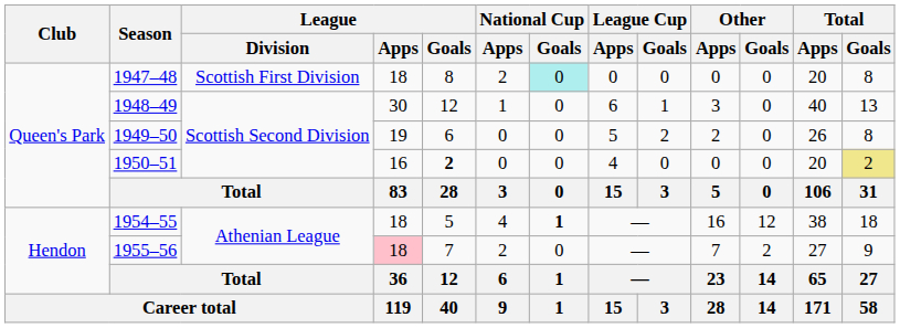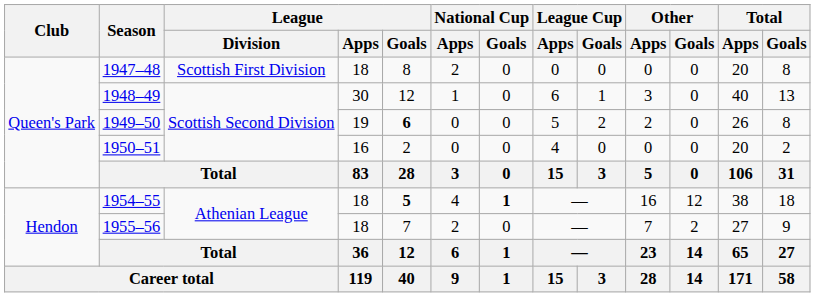 <table class="wikitable" style="text-align: center">
 <tr>
 <th rowspan="2">Club</th>
 <th rowspan="2">Season</th>
 <th colspan="3">League</th>
 <th colspan="2">National Cup</th>
 <th colspan="2">League Cup</th>
 <th colspan="2">Other</th>
 <th colspan="2">Total</th>
 </tr>
 <tr>
 <th>Division</th>
 <th>Apps</th>
 <th>Goals</th>
 <th>Apps</th>
 <th>Goals</th>
 <th>Apps</th>
 <th>Goals</th>
 <th>Apps</th>
 <th>Goals</th>
 <th>Apps</th>
 <th>Goals</th>
 </tr>
 <tr>
 <td rowspan="5"><a href='#'>Queen's Park</a></td>
 <td><a href='#'>1947–48</a></td>
 <td><a href='#'>Scottish First Division</a></td>
 <td>18</td>
 <td>8</td>
 <td>2</td>
-<td style="background: paleturquoise;">0</td>
+<td>0</td>
 <td>0</td>
 <td>0</td>
 <td>0</td>
 <td>0</td>
 <td>20</td>
 <td>8</td>
 </tr>
 <tr>
 <td><a href='#'>1948–49</a></td>
 <td rowspan="3"><a href='#'>Scottish Second Division</a></td>
 <td>30</td>
 <td>12</td>
 <td>1</td>
 <td>0</td>
 <td>6</td>
 <td>1</td>
 <td>3</td>
 <td>0</td>
 <td>40</td>
 <td>13</td>
 </tr>
 <tr>
 <td><a href='#'>1949–50</a></td>
 <td>19</td>
-<td>6</td>
+<td><strong>6</strong></td>
 <td>0</td>
 <td>0</td>
 <td>5</td>
 <td>2</td>
 <td>2</td>
 <td>0</td>
 <td>26</td>
 <td>8</td>
 </tr>
 <tr>
 <td><a href='#'>1950–51</a></td>
 <td>16</td>
-<td><strong>2</strong></td>
+<td>2</td>
 <td>0</td>
 <td>0</td>
 <td>4</td>
 <td>0</td>
 <td>0</td>
 <td>0</td>
 <td>20</td>
-<td style="background: khaki;">2</td>
+<td>2</td>
 </tr>
 <tr>
 <th colspan="2">Total</th>
 <th>83</th>
 <th>28</th>
 <th>3</th>
 <th>0</th>
 <th>15</th>
 <th>3</th>
 <th>5</th>
 <th>0</th>
 <th>106</th>
 <th>31</th>
 </tr>
 <tr>
 <td rowspan="3"><a href='#'>Hendon</a></td>
 <td><a href='#'>1954–55</a></td>
 <td rowspan="2"><a href='#'>Athenian League</a></td>
 <td>18</td>
-<td>5</td>
+<td><strong>5</strong></td>
 <td>4</td>
 <td><strong>1</strong></td>
 <td colspan="2">—</td>
 <td>16</td>
 <td>12</td>
 <td>38</td>
 <td>18</td>
 </tr>
 <tr>
 <td><a href='#'>1955–56</a></td>
-<td style="background: pink;">18</td>
+<td>18</td>
 <td>7</td>
 <td>2</td>
 <td>0</td>
 <td colspan="2">—</td>
 <td>7</td>
 <td>2</td>
 <td>27</td>
 <td>9</td>
 </tr>
 <tr>
 <th colspan="2">Total</th>
 <th>36</th>
 <th>12</th>
 <th>6</th>
 <th>1</th>
 <th colspan="2">—</th>
 <th>23</th>
 <th>14</th>
 <th>65</th>
 <th>27</th>
 </tr>
 <tr>
 <th colspan="3">Career total</th>
 <th>119</th>
 <th>40</th>
 <th>9</th>
 <th>1</th>
 <th>15</th>
 <th>3</th>
 <th>28</th>
 <th>14</th>
 <th>171</th>
 <th>58</th>
 </tr>
 </table>
